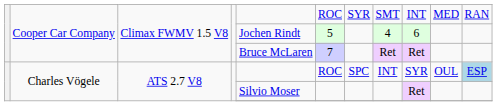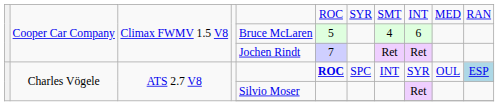 <table class="wikitable" style="font-size:90%; text-align:center">
 <tr>
 <th rowspan="3"></th>
 <td rowspan="3"><a href='#'>Cooper Car Company</a></td>
 <td rowspan="3"><a href='#'>Climax FWMV</a> 1.5 <a href='#'>V8</a></td>
 <td rowspan="3"></td>
 <td></td>
 <td><a href='#'>ROC</a></td>
 <td><a href='#'>SYR</a></td>
 <td><a href='#'>SMT</a></td>
 <td><a href='#'>INT</a></td>
 <td><a href='#'>MED</a></td>
 <td><a href='#'>RAN</a></td>
 </tr>
 <tr>
-<td style="text-align:left"><a href='#'>Jochen Rindt</a></td>
+<td style="text-align:left"><a href='#'>Bruce McLaren</a></td>
 <td style="background:#DFFFDF">5</td>
 <td></td>
 <td style="background:#DFFFDF">4</td>
 <td style="background:#DFFFDF">6</td>
 <td></td>
 <td></td>
 </tr>
 <tr>
-<td style="text-align:left"><a href='#'>Bruce McLaren</a></td>
+<td style="text-align:left"><a href='#'>Jochen Rindt</a></td>
 <td style="background:#CFCFFF">7</td>
 <td></td>
 <td style="background:#EFCFFF">Ret</td>
 <td style="background:#EFCFFF">Ret</td>
 <td></td>
 <td></td>
 </tr>
 <tr>
 <th rowspan="3"></th>
 <td rowspan="3">Charles Vögele</td>
 <td rowspan="3"><a href='#'>ATS</a> 2.7 <a href='#'>V8</a></td>
 <td rowspan="3"></td>
 <td></td>
-<td><a href='#'>ROC</a></td>
+<td><strong><a href='#'>ROC</a></strong></td>
 <td><a href='#'>SPC</a></td>
 <td><a href='#'>INT</a></td>
 <td><a href='#'>SYR</a></td>
 <td><a href='#'>OUL</a></td>
 <td style="background: lightblue;"><a href='#'>ESP</a></td>
 </tr>
 <tr>
 <td style="text-align:left"><a href='#'>Silvio Moser</a></td>
 <td></td>
 <td></td>
 <td></td>
 <td style="background:#EFCFFF">Ret</td>
 <td></td>
 <td></td>
 </tr>
 <tr>
 </tr>
 </table>
